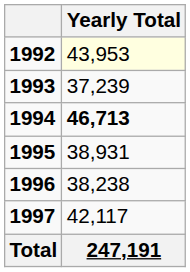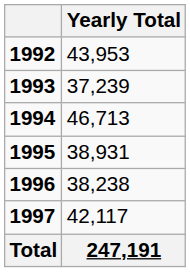 <table class="wikitable">
 <tr>
 <th></th>
 <th>Yearly Total</th>
 </tr>
 <tr>
 <td><strong>1992</strong></td>
-<td style="background: lightyellow;">43,953</td>
+<td>43,953</td>
 </tr>
 <tr>
 <td><strong>1993</strong></td>
 <td>37,239</td>
 </tr>
 <tr>
 <td><strong>1994</strong></td>
-<td><strong>46,713</strong></td>
+<td>46,713</td>
 </tr>
 <tr>
 <td><strong>1995</strong></td>
 <td>38,931</td>
 </tr>
 <tr>
 <td><strong>1996</strong></td>
 <td>38,238</td>
 </tr>
 <tr>
 <td><strong>1997</strong></td>
 <td>42,117</td>
 </tr>
 <tr>
 <th>Total</th>
 <th><u>247,191</u></th>
 </tr>
 </table>
